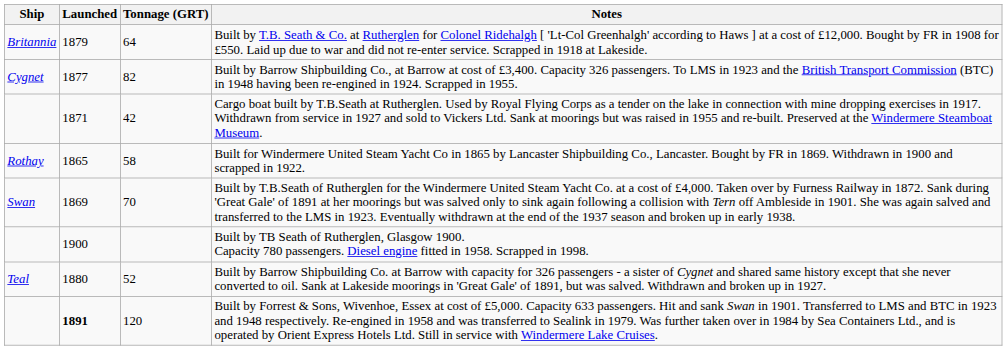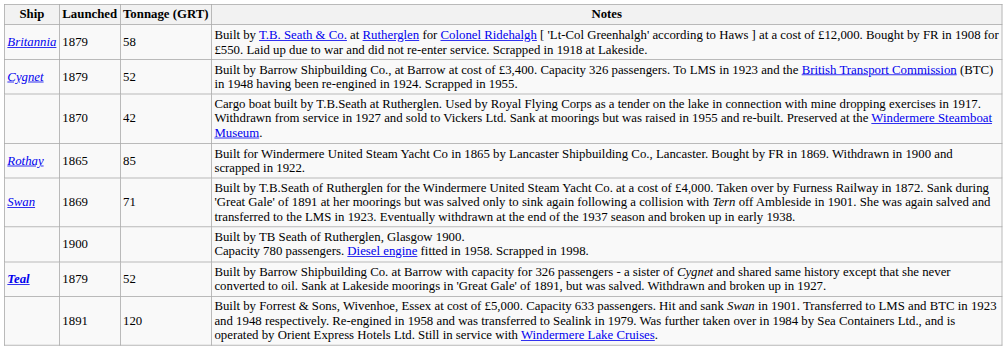 <table class="wikitable">
 <tr>
 <th>Ship</th>
 <th>Launched</th>
 <th>Tonnage (GRT)</th>
 <th>Notes</th>
 </tr>
 <tr>
 <td><a href='#'><em>Britannia</em></a></td>
 <td>1879</td>
-<td>64</td>
+<td>58</td>
 <td>Built by <a href='#'>T.B. Seath & Co.</a> at <a href='#'>Rutherglen</a> for <a href='#'>Colonel Ridehalgh</a> [ 'Lt-Col Greenhalgh' according to Haws ] at a cost of £12,000. Bought by FR in 1908 for £550. Laid up due to war and did not re-enter service. Scrapped in 1918 at Lakeside.</td>
 </tr>
 <tr>
 <td><a href='#'><em>Cygnet</em></a></td>
-<td>1877</td>
-<td>82</td>
+<td>1879</td>
+<td>52</td>
 <td>Built by Barrow Shipbuilding Co., at Barrow at cost of £3,400. Capacity 326 passengers. To LMS in 1923 and the <a href='#'>British Transport Commission</a> (BTC) in 1948 having been re-engined in 1924. Scrapped in 1955.</td>
 </tr>
 <tr>
 <td></td>
-<td>1871</td>
+<td>1870</td>
 <td>42</td>
 <td>Cargo boat built by T.B.Seath at Rutherglen. Used by Royal Flying Corps as a tender on the lake in connection with mine dropping exercises in 1917. Withdrawn from service in 1927 and sold to Vickers Ltd. Sank at moorings but was raised in 1955 and re-built. Preserved at the <a href='#'>Windermere Steamboat Museum</a>.</td>
 </tr>
 <tr>
 <td><a href='#'><em>Rothay</em></a></td>
 <td>1865</td>
-<td>58</td>
+<td>85</td>
 <td>Built for Windermere United Steam Yacht Co in 1865 by Lancaster Shipbuilding Co., Lancaster. Bought by FR in 1869. Withdrawn in 1900 and scrapped in 1922.</td>
 </tr>
 <tr>
 <td><a href='#'><em>Swan</em></a></td>
 <td>1869</td>
-<td>70</td>
+<td>71</td>
 <td>Built by T.B.Seath of Rutherglen for the Windermere United Steam Yacht Co. at a cost of £4,000. Taken over by Furness Railway in 1872. Sank during 'Great Gale' of 1891 at her moorings but was salved only to sink again following a collision with <em>Tern</em> off Ambleside in 1901. She was again salved and transferred to the LMS in 1923.  Eventually withdrawn at the end of the 1937 season and broken up in early  1938.</td>
 </tr>
 <tr>
 <td></td>
 <td>1900</td>
 <td></td>
 <td>Built by TB Seath of Rutherglen, Glasgow 1900.<br>Capacity 780 passengers. <a href='#'>Diesel engine</a> fitted in 1958. Scrapped in 1998.</td>
 </tr>
 <tr>
-<td><a href='#'><em>Teal</em></a></td>
-<td>1880</td>
+<td><strong><a href='#'><em>Teal</em></a></strong></td>
+<td>1879</td>
 <td>52</td>
 <td>Built by Barrow Shipbuilding Co. at Barrow with capacity for 326 passengers - a sister of <em>Cygnet</em> and shared same history except that she never converted to oil. Sank at Lakeside moorings in 'Great Gale' of 1891, but was salved.  Withdrawn and broken up in 1927.</td>
 </tr>
 <tr>
 <td></td>
-<td><strong>1891</strong></td>
+<td>1891</td>
 <td>120</td>
 <td>Built by Forrest & Sons, Wivenhoe, Essex at cost of £5,000. Capacity 633 passengers. Hit and sank <em>Swan</em> in 1901. Transferred to LMS and BTC in 1923 and 1948 respectively. Re-engined in 1958 and was transferred to Sealink in 1979.  Was further taken over in 1984 by Sea Containers Ltd., and is operated by Orient Express Hotels Ltd. Still in service with <a href='#'>Windermere Lake Cruises</a>.</td>
 </tr>
 </table>
